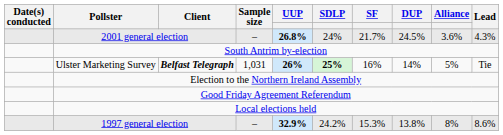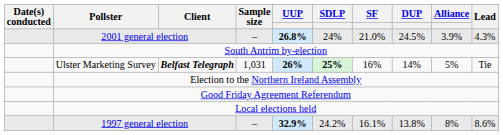 <table class="wikitable sortable mw-datatable" style="text-align:center;font-size:90%;line-height:14px;">
 <tr>
 <th rowspan="2">Date(s)<br>conducted</th>
 <th rowspan="2">Pollster</th>
 <th rowspan="2">Client</th>
 <th rowspan="2" data-sort-type="number">Sample<br>size</th>
 <th class="unsortable" style="width:50px;"><a href='#'>UUP</a></th>
 <th class="unsortable" style="width:50px;"><a href='#'>SDLP</a></th>
 <th class="unsortable" style="width:50px;"><a href='#'>SF</a></th>
 <th class="unsortable" style="width:50px;"><a href='#'>DUP</a></th>
 <th class="unsortable" style="width:50px;"><a href='#'>Alliance</a></th>
 <th rowspan="2" data-sort-type="number">Lead</th>
 </tr>
 <tr>
 <th data-sort-type="number" style="background:"></th>
 <th data-sort-type="number" style="background:"></th>
 <th data-sort-type="number" style="background:"></th>
 <th data-sort-type="number" style="background:"></th>
 <th data-sort-type="number" style="background:"></th>
 </tr>
 <tr style="background:#E9E9E9;">
 <td></td>
 <td colspan="2"><a href='#'>2001 general election</a></td>
 <td>–</td>
 <td style="background:#D0E8FB;"><strong>26.8%</strong></td>
 <td>24%</td>
-<td>21.7%</td>
+<td>21.0%</td>
 <td>24.5%</td>
-<td>3.6%</td>
+<td>3.9%</td>
 <td style="background:">4.3%</td>
 </tr>
 <tr>
 <td></td>
 <td colspan=9><a href='#'>South Antrim by-election</a></td>
 </tr>
 <tr>
 <td></td>
 <td>Ulster Marketing Survey</td>
 <td><strong><em>Belfast Telegraph</em></strong></td>
 <td>1,031</td>
 <td style="background:#D0E8FB;"><strong>26%</strong></td>
 <td style="background:#D6F5D7;"><strong>25%</strong></td>
 <td>16%</td>
 <td>14%</td>
 <td>5%</td>
 <td>Tie</td>
 </tr>
 <tr>
 <td></td>
 <td colspan="9">Election to the <a href='#'>Northern Ireland Assembly</a></td>
 </tr>
 <tr>
 <td></td>
 <td colspan="9"><a href='#'>Good Friday Agreement Referendum</a></td>
 </tr>
 <tr>
 <td></td>
 <td colspan="9"><a href='#'>Local elections held</a></td>
 </tr>
 <tr style="background:#E9E9E9;">
 <td></td>
 <td colspan="2"><a href='#'>1997 general election</a></td>
 <td>–</td>
 <td style="background:#D0E8FB;"><strong>32.9%</strong></td>
 <td>24.2%</td>
-<td>15.3%</td>
+<td>16.1%</td>
 <td>13.8%</td>
 <td>8%</td>
 <td style="background:">8.6%</td>
 </tr>
 </table>
